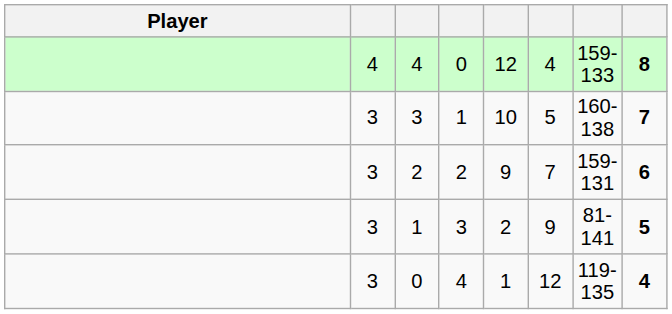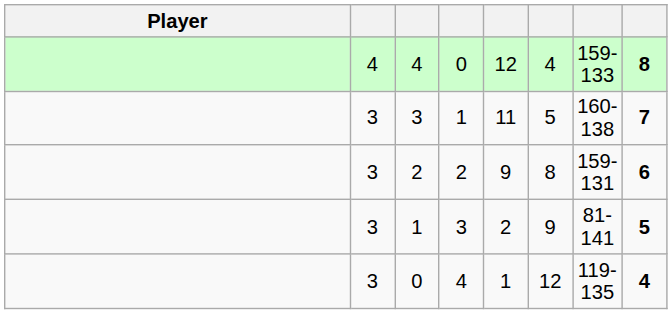 <table class="wikitable" style="text-align: center; font-size:90% ">
 <tr>
 <th width=240>Player</th>
 <th width=25></th>
 <th width=25></th>
 <th width=25></th>
 <th width=25></th>
 <th width=25></th>
 <th width=25></th>
 <th width=25></th>
 </tr>
 <tr bgcolor="ccffcc">
 <td align=left></td>
 <td>4</td>
 <td>4</td>
 <td>0</td>
 <td>12</td>
 <td>4</td>
 <td>159-133</td>
 <td><strong>8</strong></td>
 </tr>
 <tr>
 <td align=left></td>
 <td>3</td>
 <td>3</td>
 <td>1</td>
-<td>10</td>
+<td>11</td>
 <td>5</td>
 <td>160-138</td>
 <td><strong>7</strong></td>
 </tr>
 <tr>
 <td align=left></td>
 <td>3</td>
 <td>2</td>
 <td>2</td>
 <td>9</td>
-<td>7</td>
+<td>8</td>
 <td>159-131</td>
 <td><strong>6</strong></td>
 </tr>
 <tr>
 <td align=left></td>
 <td>3</td>
 <td>1</td>
 <td>3</td>
 <td>2</td>
 <td>9</td>
 <td>81-141</td>
 <td><strong>5</strong></td>
 </tr>
 <tr>
 <td align=left></td>
 <td>3</td>
 <td>0</td>
 <td>4</td>
 <td>1</td>
 <td>12</td>
 <td>119-135</td>
 <td><strong>4</strong></td>
 </tr>
 </table>
